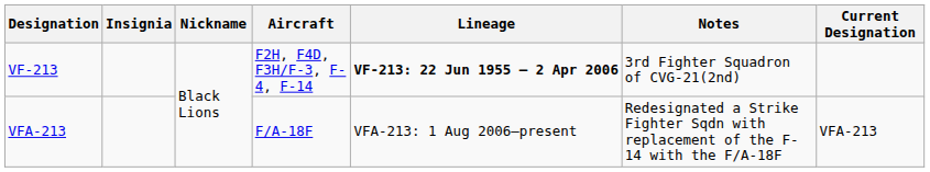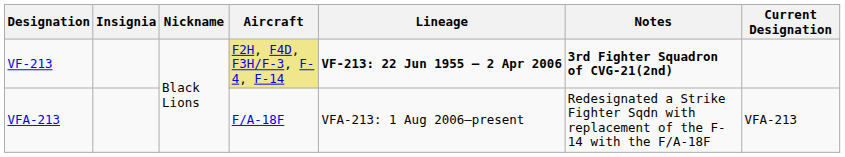 <table class="wikitable">
 <tr>
 <th>Designation</th>
 <th>Insignia</th>
 <th>Nickname</th>
 <th>Aircraft</th>
 <th>Lineage</th>
 <th>Notes</th>
 <th>Current Designation</th>
 </tr>
 <tr>
 <td><a href='#'>VF-213</a></td>
 <td></td>
 <td Rowspan="2">Black Lions</td>
-<td><a href='#'>F2H</a>, <a href='#'>F4D</a>, <a href='#'>F3H/F-3</a>, <a href='#'>F-4</a>, <a href='#'>F-14</a></td>
+<td style="background: khaki;"><a href='#'>F2H</a>, <a href='#'>F4D</a>, <a href='#'>F3H/F-3</a>, <a href='#'>F-4</a>, <a href='#'>F-14</a></td>
 <td style="white-space: nowrap;"><strong>VF-213: 22 Jun 1955 – 2 Apr 2006</strong></td>
-<td>3rd Fighter Squadron of CVG-21(2nd)</td>
+<td><strong>3rd Fighter Squadron of CVG-21(2nd)</strong></td>
 </tr>
 <tr>
 <td><a href='#'>VFA-213</a></td>
 <td></td>
 <td><a href='#'>F/A-18F</a></td>
 <td>VFA-213: 1 Aug 2006–present</td>
 <td>Redesignated a Strike Fighter Sqdn with replacement of the F-14 with the F/A-18F</td>
 <td>VFA-213</td>
 </tr>
 </table>
